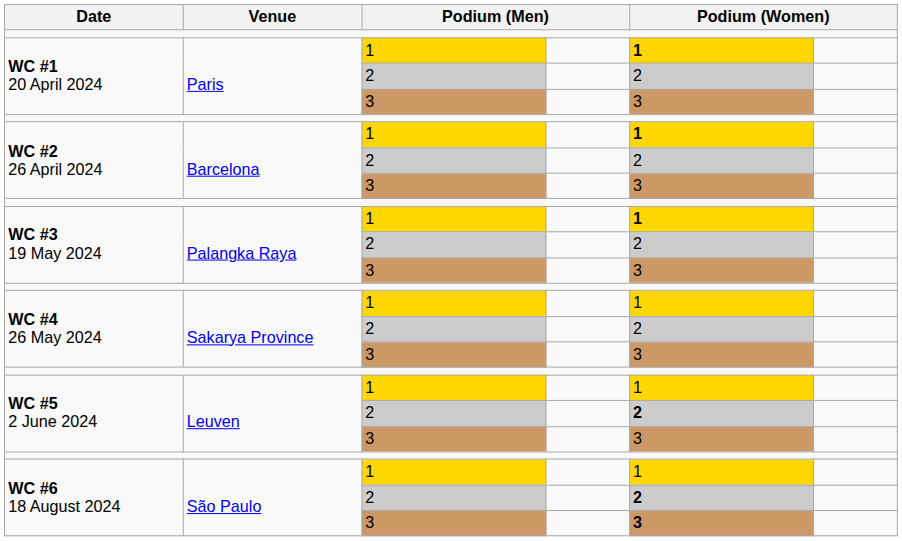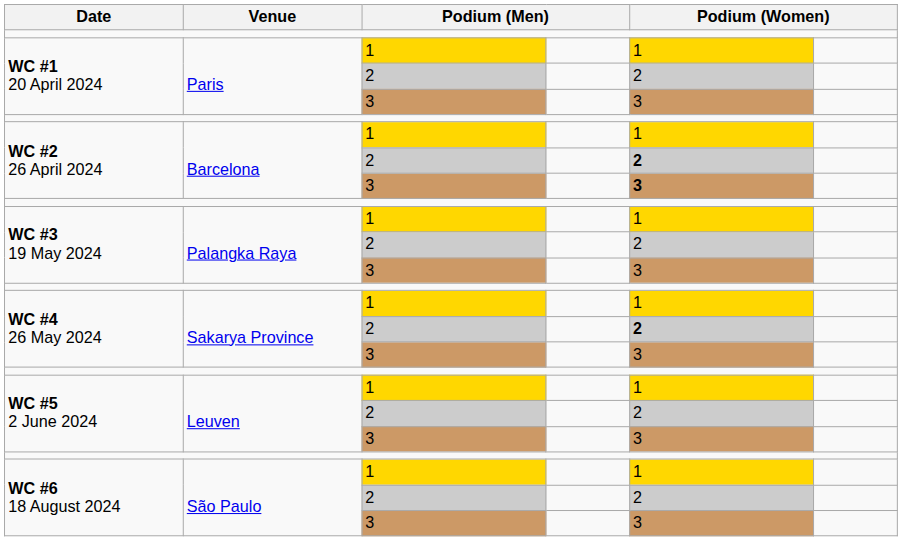 <table class="wikitable" width=70%>
 <tr>
 <th>Date</th>
 <th width=20%>Venue</th>
 <th colspan=2 width=30%>Podium (Men)</th>
 <th colspan=2 width=30%>Podium (Women)</th>
 </tr>
 <tr>
 <td colspan=6></td>
 </tr>
 <tr>
 <td rowspan=3><strong>WC #1</strong> <br> 20 April 2024</td>
 <td rowspan=3><br><a href='#'>Paris</a></td>
 <td bgcolor=FFD700>1</td>
 <td></td>
-<td bgcolor=FFD700><strong>1</strong></td>
+<td bgcolor=FFD700>1</td>
 <td></td>
 </tr>
 <tr>
 <td bgcolor=CCCCCC>2</td>
 <td></td>
 <td bgcolor=CCCCCC>2</td>
 <td></td>
 </tr>
 <tr>
 <td bgcolor=CC9966>3</td>
 <td></td>
 <td bgcolor=CC9966>3</td>
 <td></td>
 </tr>
 <tr>
 <td colspan=6></td>
 </tr>
 <tr>
 <td rowspan=3><strong>WC #2</strong> <br> 26 April 2024</td>
 <td rowspan=3><br><a href='#'>Barcelona</a></td>
 <td bgcolor=FFD700>1</td>
 <td></td>
-<td bgcolor=FFD700><strong>1</strong></td>
+<td bgcolor=FFD700>1</td>
 <td></td>
 </tr>
 <tr>
 <td bgcolor=CCCCCC>2</td>
 <td></td>
-<td bgcolor=CCCCCC>2</td>
+<td bgcolor=CCCCCC><strong>2</strong></td>
 <td></td>
 </tr>
 <tr>
 <td bgcolor=CC9966>3</td>
 <td></td>
-<td bgcolor=CC9966>3</td>
+<td bgcolor=CC9966><strong>3</strong></td>
 <td></td>
 </tr>
 <tr>
 <td colspan=6></td>
 </tr>
 <tr>
 <td rowspan=3><strong>WC #3</strong> <br> 19 May 2024</td>
 <td rowspan=3><br><a href='#'>Palangka Raya</a></td>
 <td bgcolor=FFD700>1</td>
 <td></td>
-<td bgcolor=FFD700><strong>1</strong></td>
+<td bgcolor=FFD700>1</td>
 <td></td>
 </tr>
 <tr>
 <td bgcolor=CCCCCC>2</td>
 <td></td>
 <td bgcolor=CCCCCC>2</td>
 <td></td>
 </tr>
 <tr>
 <td bgcolor=CC9966>3</td>
 <td></td>
 <td bgcolor=CC9966>3</td>
 <td></td>
 </tr>
 <tr>
 <td colspan=6></td>
 </tr>
 <tr>
 <td rowspan=3><strong>WC #4</strong> <br> 26 May 2024</td>
 <td rowspan=3><br><a href='#'>Sakarya Province</a></td>
 <td bgcolor=FFD700>1</td>
 <td></td>
 <td bgcolor=FFD700>1</td>
 <td></td>
 </tr>
 <tr>
 <td bgcolor=CCCCCC>2</td>
 <td></td>
-<td bgcolor=CCCCCC>2</td>
+<td bgcolor=CCCCCC><strong>2</strong></td>
 <td></td>
 </tr>
 <tr>
 <td bgcolor=CC9966>3</td>
 <td></td>
 <td bgcolor=CC9966>3</td>
 <td></td>
 </tr>
 <tr>
 <td colspan=6></td>
 </tr>
 <tr>
 <td rowspan=3><strong>WC #5</strong> <br> 2 June 2024</td>
 <td rowspan=3><br><a href='#'>Leuven</a></td>
 <td bgcolor=FFD700>1</td>
 <td></td>
 <td bgcolor=FFD700>1</td>
 <td></td>
 </tr>
 <tr>
 <td bgcolor=CCCCCC>2</td>
 <td></td>
-<td bgcolor=CCCCCC><strong>2</strong></td>
+<td bgcolor=CCCCCC>2</td>
 <td></td>
 </tr>
 <tr>
 <td bgcolor=CC9966>3</td>
 <td></td>
 <td bgcolor=CC9966>3</td>
 <td></td>
 </tr>
 <tr>
 <td colspan=6></td>
 </tr>
 <tr>
 <td rowspan=3><strong>WC #6</strong> <br> 18 August 2024</td>
 <td rowspan=3><br><a href='#'>São Paulo</a></td>
 <td bgcolor=FFD700>1</td>
 <td></td>
 <td bgcolor=FFD700>1</td>
 <td></td>
 </tr>
 <tr>
 <td bgcolor=CCCCCC>2</td>
 <td></td>
-<td bgcolor=CCCCCC><strong>2</strong></td>
+<td bgcolor=CCCCCC>2</td>
 <td></td>
 </tr>
 <tr>
 <td bgcolor=CC9966>3</td>
 <td></td>
-<td bgcolor=CC9966><strong>3</strong></td>
+<td bgcolor=CC9966>3</td>
 <td></td>
 </tr>
 </table>
